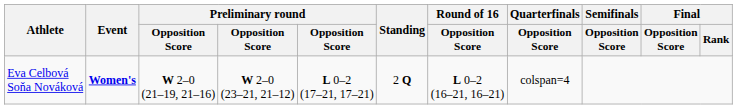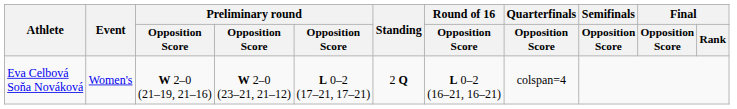 <table class=wikitable style="font-size:90%">
 <tr>
 <th rowspan="2">Athlete</th>
 <th rowspan="2">Event</th>
 <th colspan="3">Preliminary round</th>
 <th rowspan="2">Standing</th>
 <th>Round of 16</th>
 <th>Quarterfinals</th>
 <th>Semifinals</th>
 <th colspan=2>Final</th>
 </tr>
 <tr style="font-size:95%">
 <th>Opposition<br>Score</th>
 <th>Opposition<br>Score</th>
 <th>Opposition<br>Score</th>
 <th>Opposition<br>Score</th>
 <th>Opposition<br>Score</th>
 <th>Opposition<br>Score</th>
 <th>Opposition<br>Score</th>
 <th>Rank</th>
 </tr>
 <tr align=center>
 <td align=left><a href='#'>Eva Celbová</a><br><a href='#'>Soňa Nováková</a></td>
-<td align=left><strong><a href='#'>Women's</a></strong></td>
+<td align=left><a href='#'>Women's</a></td>
 <td><br><strong>W</strong> 2–0<br>(21–19, 21–16)</td>
 <td><br><strong>W</strong> 2–0<br>(23–21, 21–12)</td>
 <td><br><strong>L</strong> 0–2<br>(17–21, 17–21)</td>
 <td>2 <strong>Q</strong></td>
 <td><br><strong>L</strong> 0–2<br>(16–21, 16–21)</td>
 <td>colspan=4 </td>
 </tr>
 </table>
